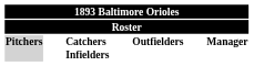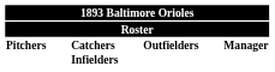 <table class="toccolours" style="font-size: 95%;">
 <tr>
 <th colspan="10" style="background-color: black; color: white; text-align: center;">1893 Baltimore Orioles</th>
 </tr>
 <tr>
 <td colspan="10" style="background-color: black; color: white; text-align: center;"><strong>Roster</strong></td>
 </tr>
 <tr>
-<td valign="top" style="background: lightgrey;"><strong>Pitchers</strong><br>       </td>
+<td valign="top"><strong>Pitchers</strong><br>       </td>
 <td width="25px"></td>
 <td valign="top"><strong>Catchers</strong><br>  <strong>Infielders</strong>       </td>
 <td width="25px"></td>
 <td valign="top"><strong>Outfielders</strong><br>       </td>
 <td width="25px"></td>
 <td valign="top"><strong>Manager</strong><br></td>
 </tr>
 </table>
